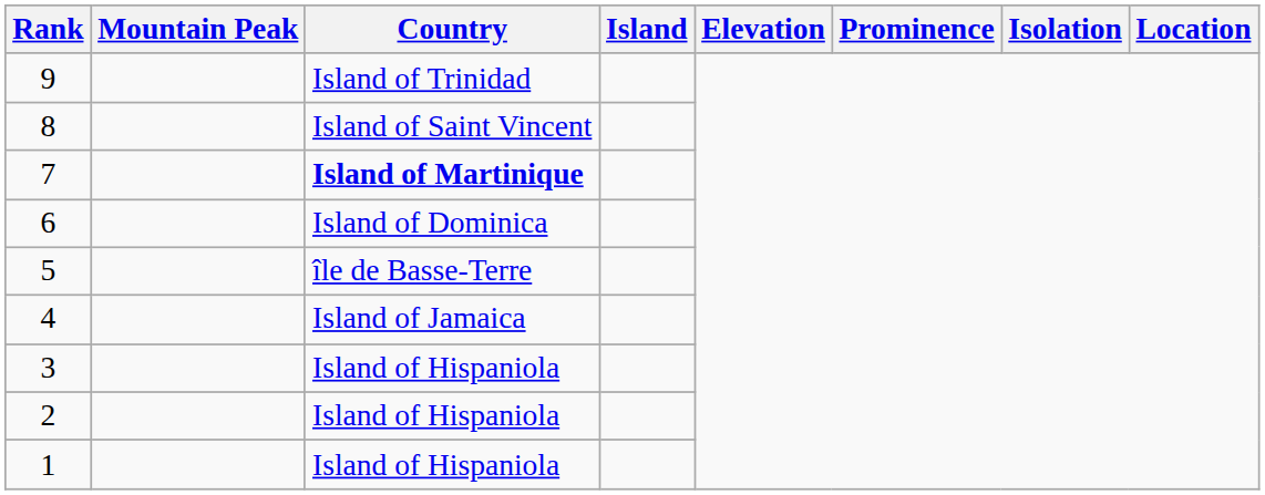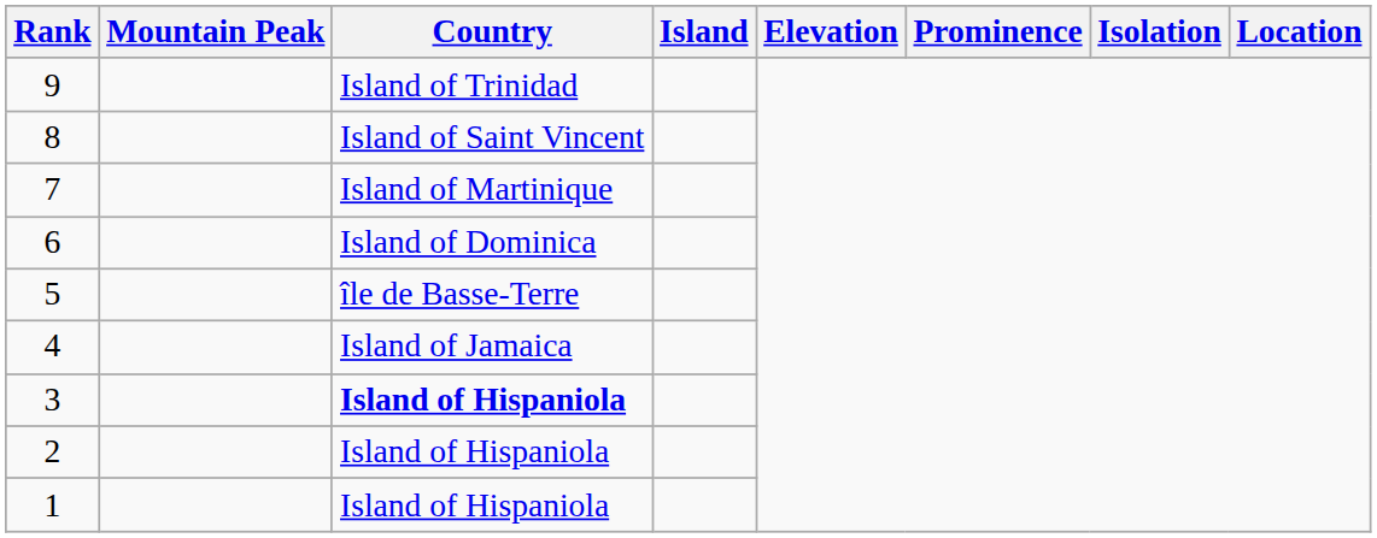 <table class="wikitable sortable">
 <tr>
 <th><a href='#'>Rank</a></th>
 <th><a href='#'>Mountain Peak</a></th>
 <th><a href='#'>Country</a></th>
 <th><a href='#'>Island</a></th>
 <th><a href='#'>Elevation</a></th>
 <th><a href='#'>Prominence</a></th>
 <th><a href='#'>Isolation</a></th>
 <th><a href='#'>Location</a></th>
 </tr>
 <tr>
 <td align=center>9<br></td>
 <td></td>
 <td><a href='#'>Island of Trinidad</a><br></td>
 <td></td>
 </tr>
 <tr>
 <td align=center>8<br></td>
 <td></td>
 <td><a href='#'>Island of Saint Vincent</a><br></td>
 <td></td>
 </tr>
 <tr>
 <td align=center>7<br></td>
 <td></td>
-<td><strong><a href='#'>Island of Martinique</a><br></strong></td>
+<td><a href='#'>Island of Martinique</a><br></td>
 <td></td>
 </tr>
 <tr>
 <td align=center>6<br></td>
 <td></td>
 <td><a href='#'>Island of Dominica</a><br></td>
 <td></td>
 </tr>
 <tr>
 <td align=center>5<br></td>
 <td></td>
 <td><a href='#'>île de Basse-Terre</a><br></td>
 <td></td>
 </tr>
 <tr>
 <td align=center>4<br></td>
 <td></td>
 <td><a href='#'>Island of Jamaica</a><br></td>
 <td></td>
 </tr>
 <tr>
 <td align=center>3<br></td>
 <td></td>
-<td><a href='#'>Island of Hispaniola</a><br></td>
+<td><strong><a href='#'>Island of Hispaniola</a><br></strong></td>
 <td></td>
 </tr>
 <tr>
 <td align=center>2<br></td>
 <td></td>
 <td><a href='#'>Island of Hispaniola</a><br></td>
 <td></td>
 </tr>
 <tr>
 <td align=center>1<br></td>
 <td></td>
 <td><a href='#'>Island of Hispaniola</a><br></td>
 <td></td>
 </tr>
 </table>
